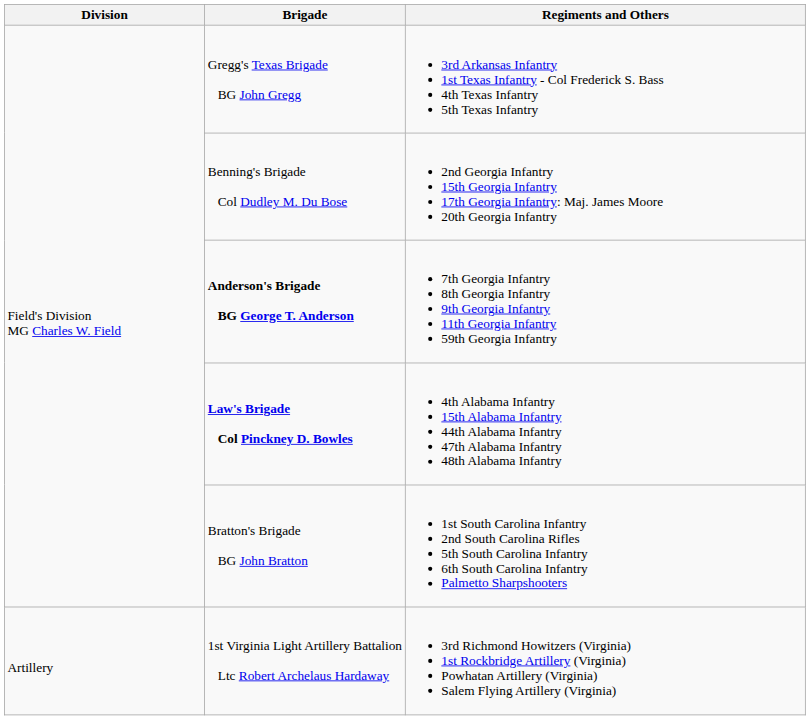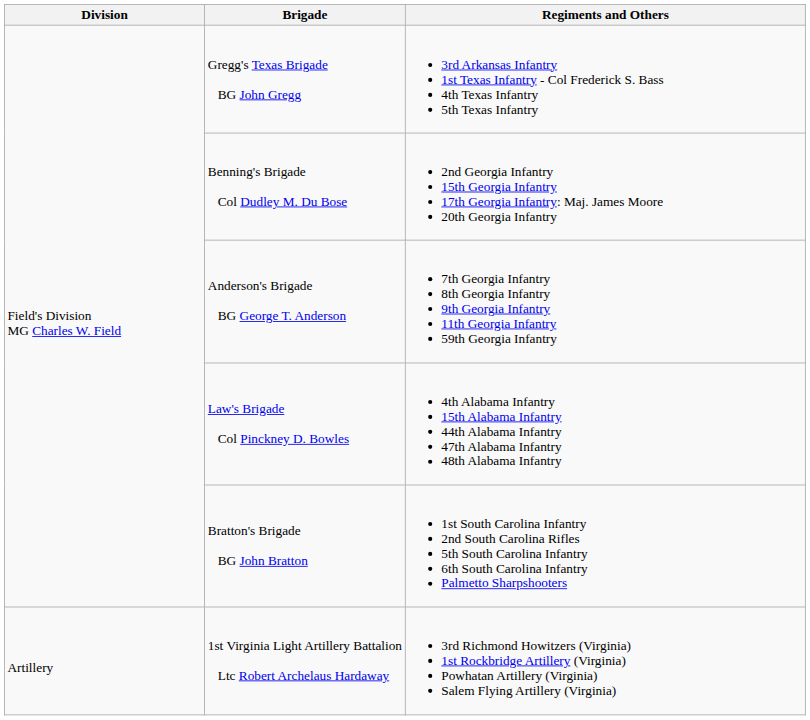 <table class="wikitable">
 <tr>
 <th style="width:25%;">Division</th>
 <th style="width:25%;">Brigade</th>
 <th>Regiments and Others</th>
 </tr>
 <tr>
 <td rowspan=5><br>Field's Division <br> MG <a href='#'>Charles W. Field</a></td>
 <td>Gregg's <a href='#'>Texas Brigade</a><br><br>   BG <a href='#'>John Gregg</a></td>
 <td><br><ul><li><a href='#'>3rd Arkansas Infantry</a></li><li><a href='#'>1st Texas Infantry</a> - Col Frederick S. Bass</li><li>4th Texas Infantry</li><li>5th Texas Infantry</li></ul></td>
 </tr>
 <tr>
 <td>Benning's Brigade<br><br>   Col <a href='#'>Dudley M. Du Bose</a></td>
 <td><br><ul><li>2nd Georgia Infantry</li><li><a href='#'>15th Georgia Infantry</a></li><li><a href='#'>17th Georgia Infantry</a>: Maj. James Moore</li><li>20th Georgia Infantry</li></ul></td>
 </tr>
 <tr>
-<td><strong>Anderson's Brigade<br><br>   BG <a href='#'>George T. Anderson</a></strong></td>
+<td>Anderson's Brigade<br><br>   BG <a href='#'>George T. Anderson</a></td>
 <td><br><ul><li>7th Georgia Infantry</li><li>8th Georgia Infantry</li><li><a href='#'>9th Georgia Infantry</a></li><li><a href='#'>11th Georgia Infantry</a></li><li>59th Georgia Infantry</li></ul></td>
 </tr>
 <tr>
-<td><strong><a href='#'>Law's Brigade</a><br><br>   Col <a href='#'>Pinckney D. Bowles</a></strong></td>
+<td><a href='#'>Law's Brigade</a><br><br>   Col <a href='#'>Pinckney D. Bowles</a></td>
 <td><br><ul><li>4th Alabama Infantry</li><li><a href='#'>15th Alabama Infantry</a></li><li>44th Alabama Infantry</li><li>47th Alabama Infantry</li><li>48th Alabama Infantry</li></ul></td>
 </tr>
 <tr>
 <td>Bratton's Brigade<br><br>   BG <a href='#'>John Bratton</a></td>
 <td><br><ul><li>1st South Carolina Infantry</li><li>2nd South Carolina Rifles</li><li>5th South Carolina Infantry</li><li>6th South Carolina Infantry</li><li><a href='#'>Palmetto Sharpshooters</a></li></ul></td>
 </tr>
 <tr>
 <td rowspan=1><br>Artillery</td>
 <td>1st Virginia Light Artillery Battalion<br><br>   Ltc <a href='#'>Robert Archelaus Hardaway</a></td>
 <td><br><ul><li>3rd Richmond Howitzers (Virginia)</li><li><a href='#'>1st Rockbridge Artillery</a> (Virginia)</li><li>Powhatan Artillery (Virginia)</li><li>Salem Flying Artillery (Virginia)</li></ul></td>
 </tr>
 </table>
